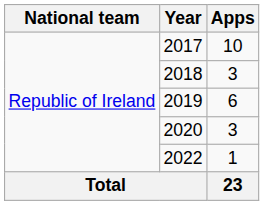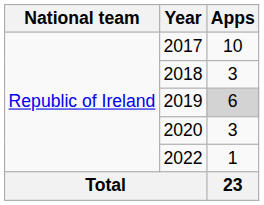 <table class="sortable wikitable" style="text-align:center">
 <tr>
 <th scope="col">National team</th>
 <th scope="col">Year</th>
 <th !scope="col">Apps</th>
 </tr>
 <tr>
 <td rowspan="5"><a href='#'>Republic of Ireland</a></td>
 <td scope="row">2017</td>
 <td>10</td>
 </tr>
 <tr>
 <td scope="row">2018</td>
 <td>3</td>
 </tr>
 <tr>
 <td scope="row">2019</td>
-<td>6</td>
+<td style="background: lightgrey;">6</td>
 </tr>
 <tr>
 <td scope="row">2020</td>
 <td>3</td>
 </tr>
 <tr>
 <td scope="row">2022</td>
 <td>1</td>
 </tr>
 <tr>
 <th colspan="2">Total</th>
 <th>23</th>
 </tr>
 </table>
